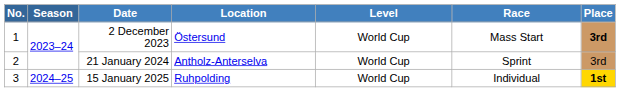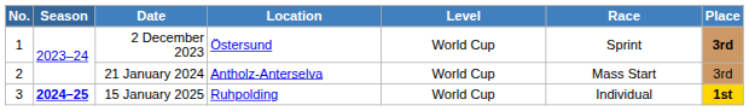 <table class="wikitable sortable" style="font-size:95%; text-align:center; border:grey solid 1px; border-collapse:collapse; background:#ffffff;">
 <tr style="background:#efefef;">
 <th style="background-color:#369; color:white;">No.</th>
 <th style="background-color:#369; color:white;">Season</th>
 <th style="background-color:#4180be; color:white; width:120px;">Date</th>
 <th style="background-color:#4180be; color:white; width:190px;">Location</th>
 <th style="background-color:#4180be; color:white; width:180px;">Level</th>
 <th style="background-color:#4180be; color:white; width:170px;">Race</th>
 <th style="background-color:#4180be; color:white;">Place</th>
 </tr>
 <tr>
 <td align=center>1</td>
 <td rowspan="2" align="center"><a href='#'>2023–24</a> </td>
 <td align=right>2 December 2023</td>
 <td align=left> <a href='#'>Östersund</a></td>
 <td>World Cup</td>
-<td>Mass Start</td>
+<td>Sprint</td>
 <td bgcolor="cc9966"><strong>3rd</strong></td>
 </tr>
 <tr>
 <td align=center>2</td>
 <td align=right>21 January 2024</td>
 <td align=left> <a href='#'>Antholz-Anterselva </a></td>
 <td>World Cup</td>
-<td>Sprint</td>
+<td>Mass Start</td>
 <td bgcolor="cc9966">3rd</td>
 </tr>
 <tr>
 <td align=center>3</td>
-<td rowspan="1" align="center"><a href='#'>2024–25</a> </td>
+<td rowspan="1" align="center"><strong><a href='#'>2024–25</a> </strong></td>
 <td align=right>15 January 2025</td>
 <td align=left> <a href='#'>Ruhpolding</a></td>
 <td>World Cup</td>
 <td>Individual</td>
 <td align=center bgcolor="gold"><strong>1st</strong></td>
 </tr>
 </table>
